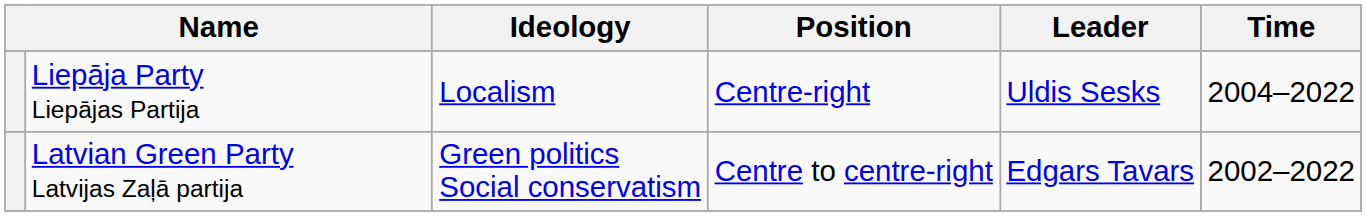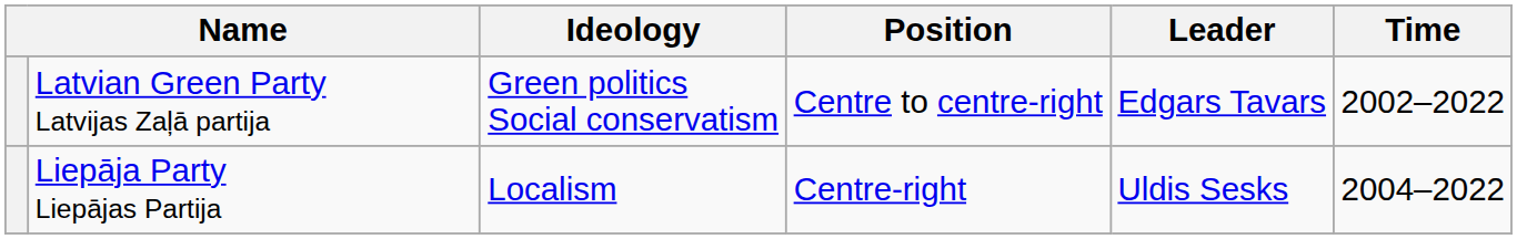 <table class="wikitable">
 <tr>
 <th colspan=2 width=225px>Name</th>
 <th>Ideology</th>
 <th>Position</th>
 <th>Leader</th>
 <th>Time</th>
 </tr>
 <tr>
 <th style="background:"></th>
+<td><a href='#'>Latvian Green Party</a><br><small>Latvijas Zaļā partija</small></td>
+<td><a href='#'>Green politics</a><br><a href='#'>Social conservatism</a></td>
+<td><a href='#'>Centre</a> to <a href='#'>centre-right</a></td>
+<td><a href='#'>Edgars Tavars</a></td>
+<td>2002–2022</td>
+</tr>
+<tr>
+<th style="background:"></th>
 <td><a href='#'>Liepāja Party</a><br><small>Liepājas Partija</small></td>
 <td><a href='#'>Localism</a></td>
 <td><a href='#'>Centre-right</a></td>
 <td><a href='#'>Uldis Sesks</a></td>
 <td>2004–2022</td>
 </tr>
-<tr>
-<th style="background:"></th>
-<td><a href='#'>Latvian Green Party</a><br><small>Latvijas Zaļā partija</small></td>
-<td><a href='#'>Green politics</a><br><a href='#'>Social conservatism</a></td>
-<td><a href='#'>Centre</a> to <a href='#'>centre-right</a></td>
-<td><a href='#'>Edgars Tavars</a></td>
-<td>2002–2022</td>
-</tr>
 </table>
